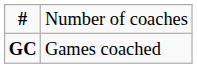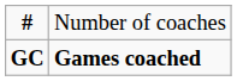 <table class="wikitable">
 <tr>
 <td align="center"><strong>#</strong></td>
 <td>Number of coaches</td>
 </tr>
 <tr>
 <td align="center"><strong>GC</strong></td>
-<td>Games coached</td>
+<td><strong>Games coached</strong></td>
 </tr>
 </table>
